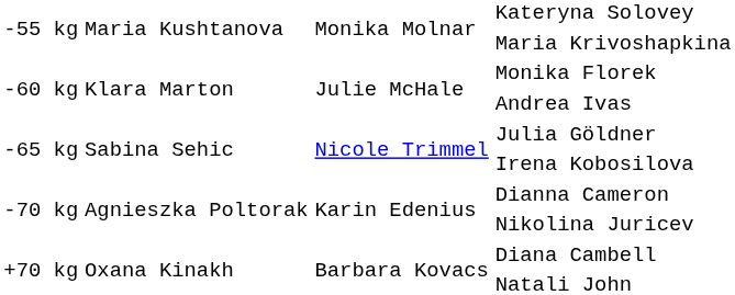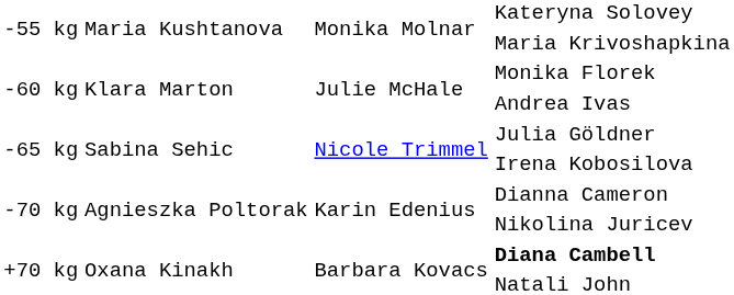 <table>
 <tr>
 <td rowspan=2>-55 kg<br></td>
 <td rowspan=2>Maria Kushtanova </td>
 <td rowspan=2>Monika Molnar </td>
 <td>Kateryna Solovey </td>
 </tr>
 <tr>
 <td>Maria Krivoshapkina </td>
 </tr>
 <tr>
 <td rowspan=2>-60 kg<br></td>
 <td rowspan=2>Klara Marton </td>
 <td rowspan=2>Julie McHale </td>
 <td>Monika Florek </td>
 </tr>
 <tr>
 <td>Andrea Ivas </td>
 </tr>
 <tr>
 <td rowspan=2>-65 kg<br></td>
 <td rowspan=2>Sabina Sehic </td>
 <td rowspan=2><a href='#'>Nicole Trimmel</a> </td>
 <td>Julia Göldner </td>
 </tr>
 <tr>
 <td>Irena Kobosilova </td>
 </tr>
 <tr>
 <td rowspan=2>-70 kg<br></td>
 <td rowspan=2>Agnieszka Poltorak </td>
 <td rowspan=2>Karin Edenius </td>
 <td>Dianna Cameron </td>
 </tr>
 <tr>
 <td>Nikolina Juricev </td>
 </tr>
 <tr>
 <td rowspan=2>+70 kg<br></td>
 <td rowspan=2>Oxana Kinakh </td>
 <td rowspan=2>Barbara Kovacs </td>
-<td>Diana Cambell </td>
+<td><strong>Diana Cambell </strong></td>
 </tr>
 <tr>
 <td>Natali John </td>
 </tr>
 <tr>
 </tr>
 </table>
